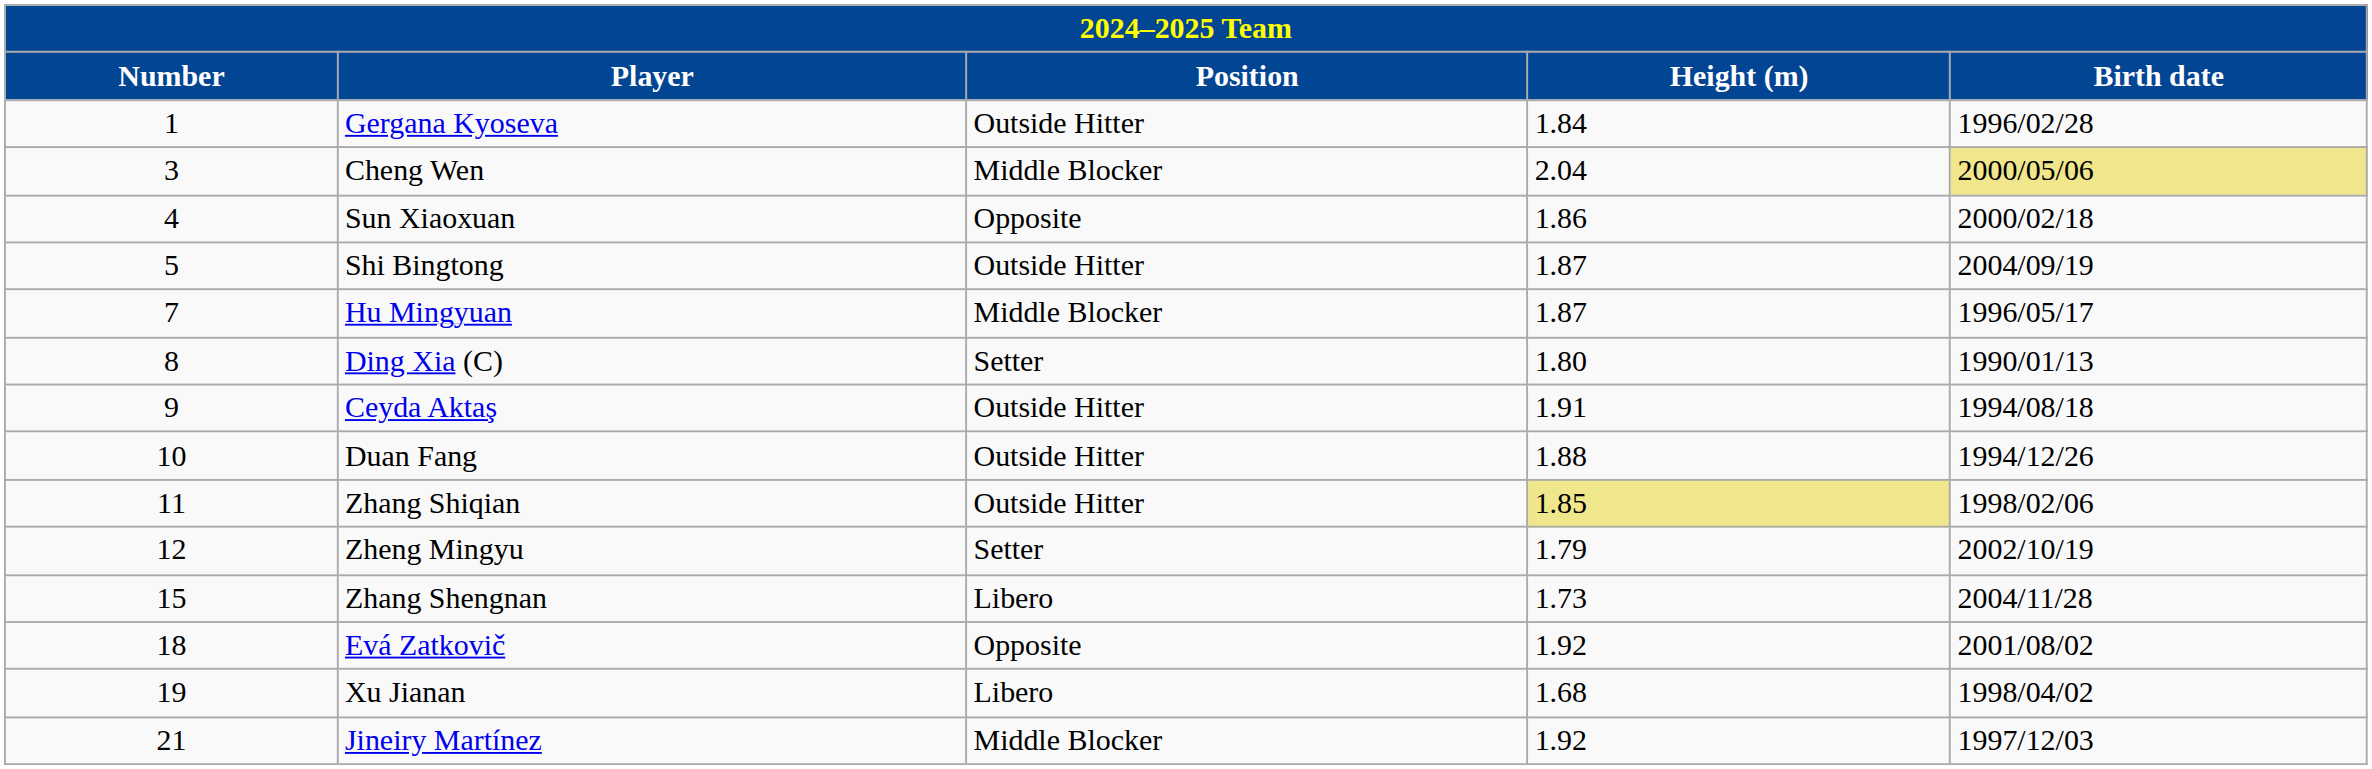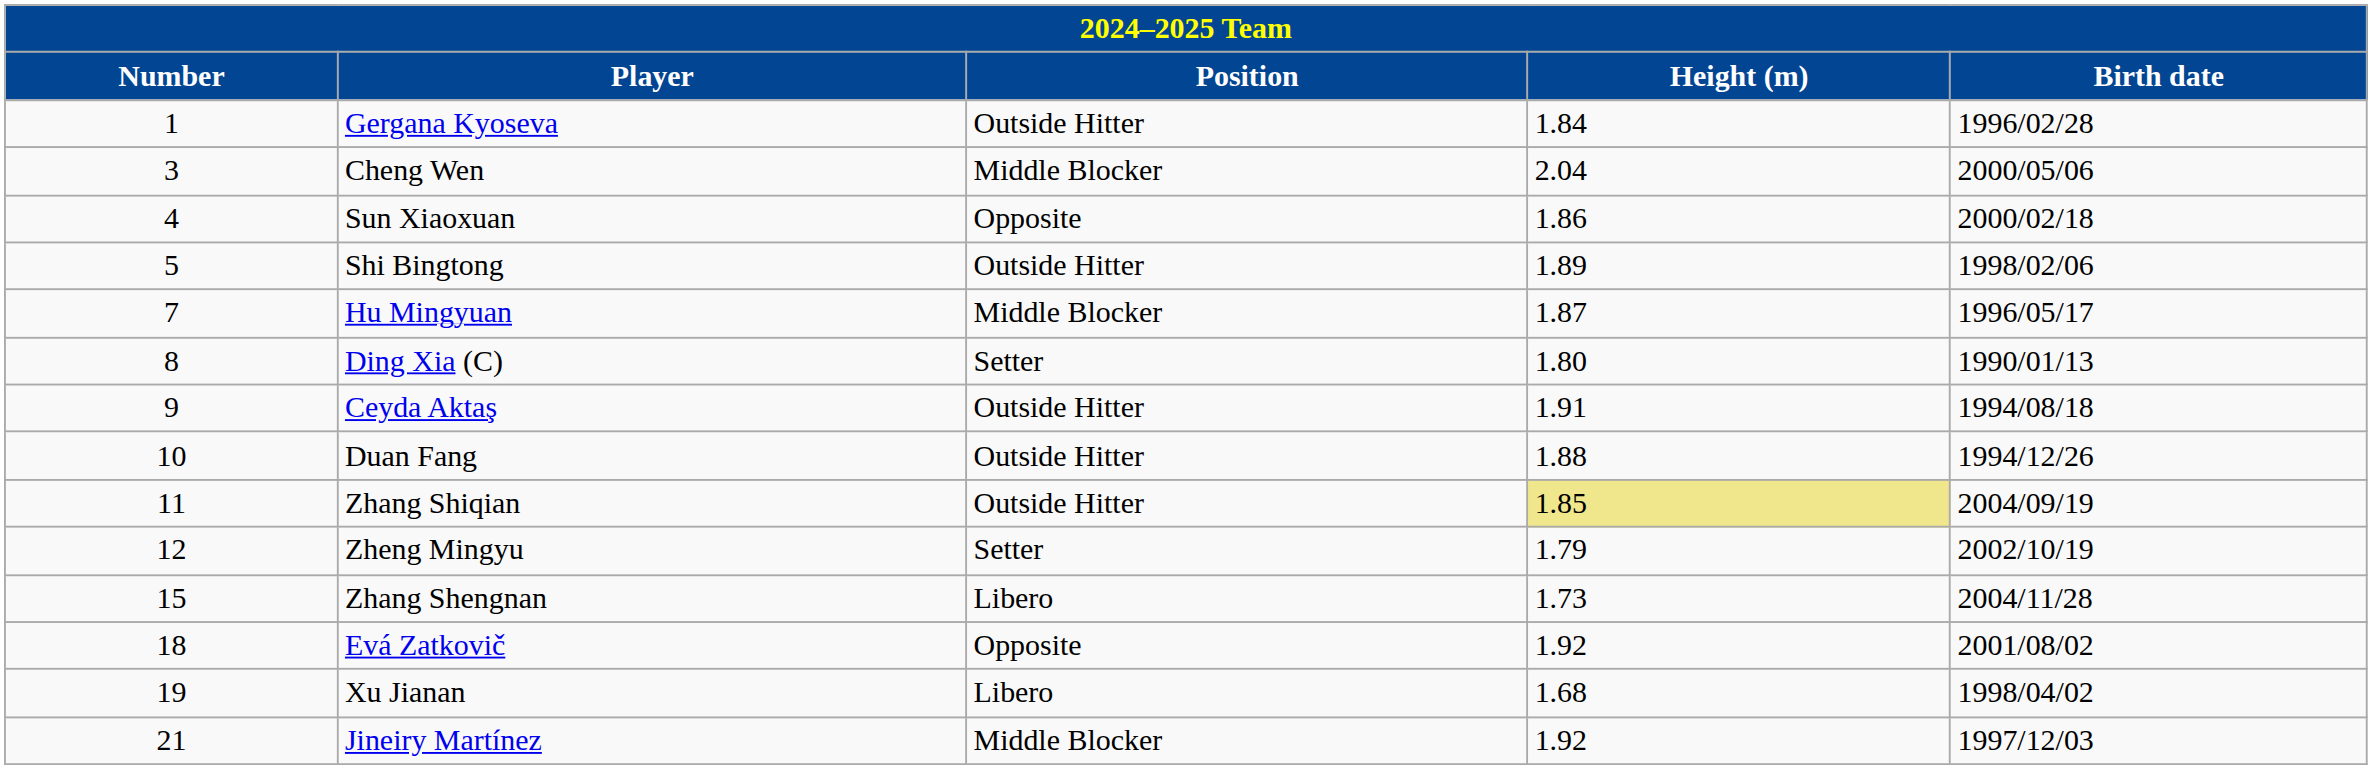 <table class="wikitable" style="width:100%;">
 <tr>
 <th style="color:#ffff00; background:#024593;" colspan=6><strong>2024–2025 Team</strong></th>
 </tr>
 <tr>
 <th style="color:#ffffff; background:#024593;">Number</th>
 <th style="color:#ffffff; background:#024593;">Player</th>
 <th style="color:#ffffff; background:#024593;">Position</th>
 <th style="color:#ffffff; background:#024593;">Height (m)</th>
 <th style="color:#ffffff; background:#024593;">Birth date</th>
 </tr>
 <tr align=left>
 <td align=center>1</td>
 <td> <a href='#'>Gergana Kyoseva</a></td>
 <td>Outside Hitter</td>
 <td>1.84</td>
 <td>1996/02/28</td>
 </tr>
 <tr align="left">
 <td align=center>3</td>
 <td> Cheng Wen</td>
 <td>Middle Blocker</td>
 <td>2.04</td>
-<td style="background: khaki;">2000/05/06</td>
+<td>2000/05/06</td>
 </tr>
 <tr align="left">
 <td align=center>4</td>
 <td> Sun Xiaoxuan</td>
 <td>Opposite</td>
 <td>1.86</td>
 <td>2000/02/18</td>
 </tr>
 <tr align="left">
 <td align=center>5</td>
 <td> Shi Bingtong</td>
 <td>Outside Hitter</td>
-<td>1.87</td>
-<td>2004/09/19</td>
+<td>1.89</td>
+<td>1998/02/06</td>
 </tr>
 <tr align="left">
 <td align=center>7</td>
 <td> <a href='#'>Hu Mingyuan</a></td>
 <td>Middle Blocker</td>
 <td>1.87</td>
 <td>1996/05/17</td>
 </tr>
 <tr align="left">
 <td align=center>8</td>
 <td> <a href='#'>Ding Xia</a> (C)</td>
 <td>Setter</td>
 <td>1.80</td>
 <td>1990/01/13</td>
 </tr>
 <tr align="left">
 <td align=center>9</td>
 <td> <a href='#'>Ceyda Aktaş</a></td>
 <td>Outside Hitter</td>
 <td>1.91</td>
 <td>1994/08/18</td>
 </tr>
 <tr align="left">
 <td align=center>10</td>
 <td> Duan Fang</td>
 <td>Outside Hitter</td>
 <td>1.88</td>
 <td>1994/12/26</td>
 </tr>
 <tr align="left">
 <td align=center>11</td>
 <td> Zhang Shiqian</td>
 <td>Outside Hitter</td>
 <td style="background: khaki;">1.85</td>
-<td>1998/02/06</td>
+<td>2004/09/19</td>
 </tr>
 <tr align="left">
 <td align=center>12</td>
 <td> Zheng Mingyu</td>
 <td>Setter</td>
 <td>1.79</td>
 <td>2002/10/19</td>
 </tr>
 <tr align="left">
 <td align=center>15</td>
 <td> Zhang Shengnan</td>
 <td>Libero</td>
 <td>1.73</td>
 <td>2004/11/28</td>
 </tr>
 <tr align="left">
 <td align=center>18</td>
 <td> <a href='#'>Evá Zatkovič</a></td>
 <td>Opposite</td>
 <td>1.92</td>
 <td>2001/08/02</td>
 </tr>
 <tr align="left">
 <td align=center>19</td>
 <td> Xu Jianan</td>
 <td>Libero</td>
 <td>1.68</td>
 <td>1998/04/02</td>
 </tr>
 <tr align="left">
 <td align=center>21</td>
 <td> <a href='#'>Jineiry Martínez</a></td>
 <td>Middle Blocker</td>
 <td>1.92</td>
 <td>1997/12/03</td>
 </tr>
 </table>
